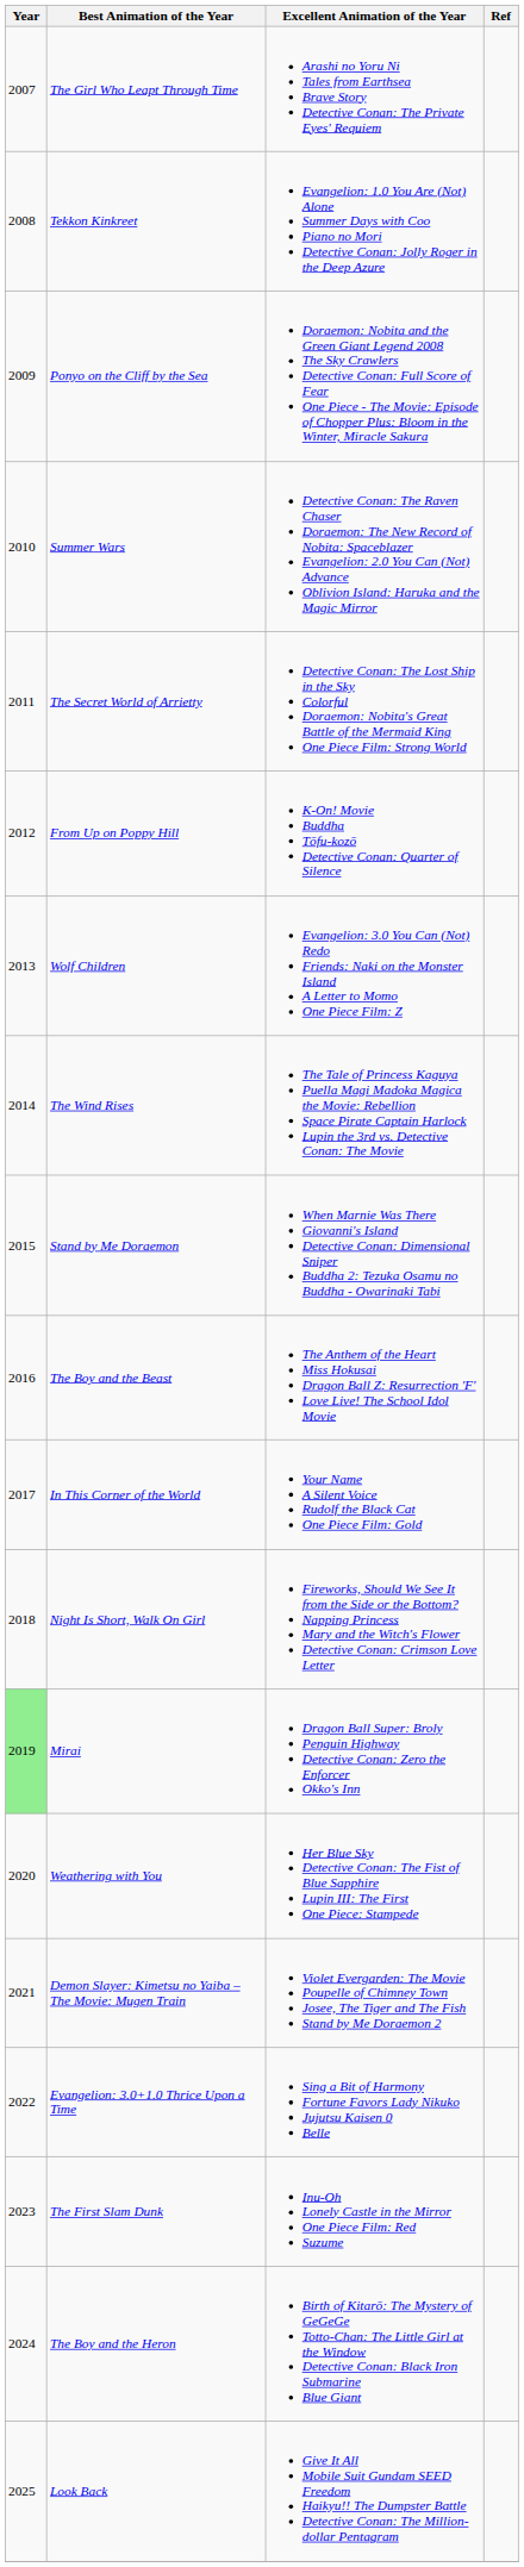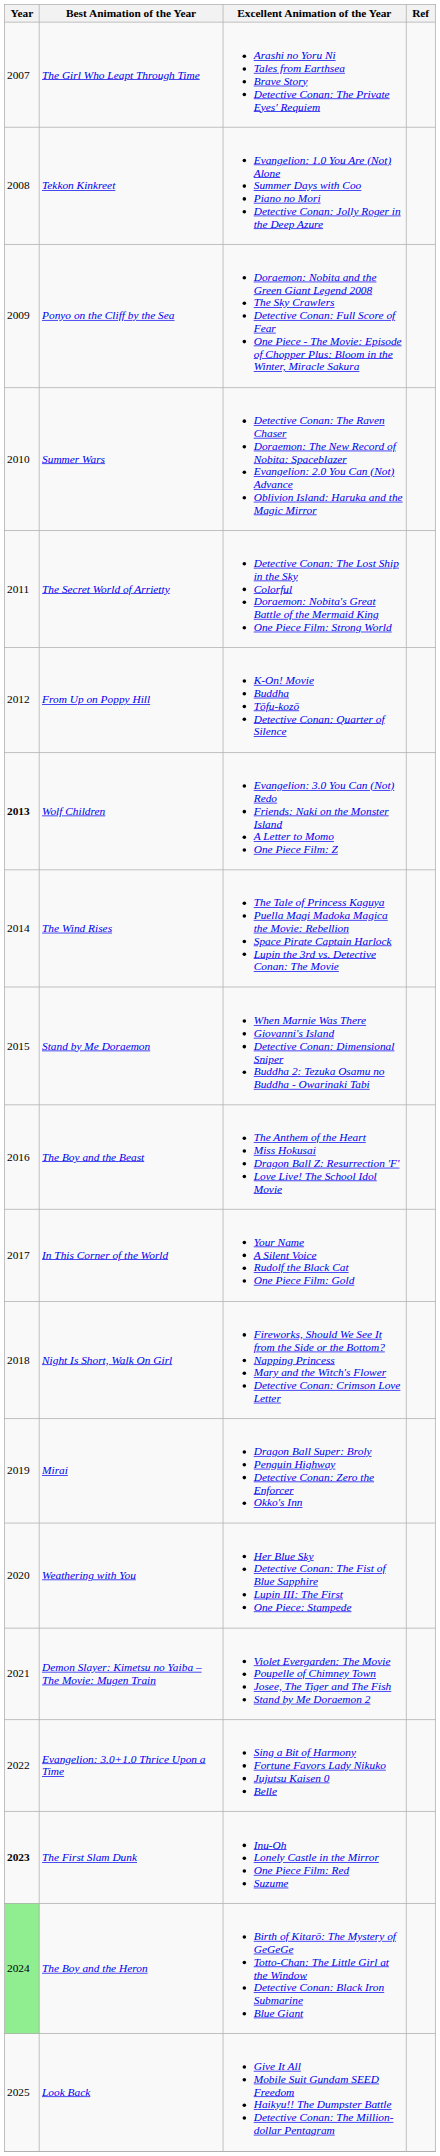 <table class="wikitable">
 <tr>
 <th width=5%>Year</th>
 <th width=32%>Best Animation of the Year</th>
 <th width=32%>Excellent Animation of the Year</th>
 <th width=5%>Ref</th>
 </tr>
 <tr>
 <td>2007</td>
 <td><em><a href='#'>The Girl Who Leapt Through Time</a></em></td>
 <td><br><ul><li><em><a href='#'>Arashi no Yoru Ni</a></em></li><li><em><a href='#'>Tales from Earthsea</a></em></li><li><em><a href='#'>Brave Story</a></em></li><li><em><a href='#'>Detective Conan: The Private Eyes' Requiem</a></em></li></ul></td>
 <td></td>
 </tr>
 <tr>
 <td>2008</td>
 <td><em><a href='#'>Tekkon Kinkreet</a></em></td>
 <td><br><ul><li><em><a href='#'>Evangelion: 1.0 You Are (Not) Alone</a></em></li><li><em><a href='#'>Summer Days with Coo</a></em></li><li><em><a href='#'>Piano no Mori</a></em></li><li><em><a href='#'>Detective Conan: Jolly Roger in the Deep Azure</a></em></li></ul></td>
 <td></td>
 </tr>
 <tr>
 <td>2009</td>
 <td><em><a href='#'>Ponyo on the Cliff by the Sea</a></em></td>
 <td><br><ul><li><em><a href='#'>Doraemon: Nobita and the Green Giant Legend 2008</a></em></li><li><em><a href='#'>The Sky Crawlers</a></em></li><li><em><a href='#'>Detective Conan: Full Score of Fear</a></em></li><li><em><a href='#'>One Piece - The Movie: Episode of Chopper Plus: Bloom in the Winter, Miracle Sakura</a></em></li></ul></td>
 <td></td>
 </tr>
 <tr>
 <td>2010</td>
 <td><em><a href='#'>Summer Wars</a></em></td>
 <td><br><ul><li><em><a href='#'>Detective Conan: The Raven Chaser</a></em></li><li><em><a href='#'>Doraemon: The New Record of Nobita: Spaceblazer</a></em></li><li><em><a href='#'>Evangelion: 2.0 You Can (Not) Advance</a></em></li><li><em><a href='#'>Oblivion Island: Haruka and the Magic Mirror</a></em></li></ul></td>
 <td></td>
 </tr>
 <tr>
 <td>2011</td>
 <td><em><a href='#'>The Secret World of Arrietty</a></em></td>
 <td><br><ul><li><em><a href='#'>Detective Conan: The Lost Ship in the Sky</a></em></li><li><em><a href='#'>Colorful</a></em></li><li><em><a href='#'>Doraemon: Nobita's Great Battle of the Mermaid King</a></em></li><li><em><a href='#'>One Piece Film: Strong World</a></em></li></ul></td>
 <td></td>
 </tr>
 <tr>
 <td>2012</td>
 <td><em><a href='#'>From Up on Poppy Hill</a></em></td>
 <td><br><ul><li><em><a href='#'>K-On! Movie</a></em></li><li><em><a href='#'>Buddha</a></em></li><li><em><a href='#'>Tōfu-kozō</a></em></li><li><em><a href='#'>Detective Conan: Quarter of Silence</a></em></li></ul></td>
 <td></td>
 </tr>
 <tr>
-<td>2013</td>
+<td><strong>2013</strong></td>
 <td><em><a href='#'>Wolf Children</a></em></td>
 <td><br><ul><li><em><a href='#'>Evangelion: 3.0 You Can (Not) Redo</a></em></li><li><em><a href='#'>Friends: Naki on the Monster Island</a></em></li><li><em><a href='#'>A Letter to Momo</a></em></li><li><em><a href='#'>One Piece Film: Z</a></em></li></ul></td>
 <td></td>
 </tr>
 <tr>
 <td>2014</td>
 <td><em><a href='#'>The Wind Rises</a></em></td>
 <td><br><ul><li><em><a href='#'>The Tale of Princess Kaguya</a></em></li><li><em><a href='#'>Puella Magi Madoka Magica the Movie: Rebellion</a></em></li><li><em><a href='#'>Space Pirate Captain Harlock</a></em></li><li><em><a href='#'>Lupin the 3rd vs. Detective Conan: The Movie</a></em></li></ul></td>
 <td></td>
 </tr>
 <tr>
 <td>2015</td>
 <td><em><a href='#'>Stand by Me Doraemon</a></em></td>
 <td><br><ul><li><em><a href='#'>When Marnie Was There</a></em></li><li><em><a href='#'>Giovanni's Island</a></em></li><li><em><a href='#'>Detective Conan: Dimensional Sniper</a></em></li><li><em><a href='#'>Buddha 2: Tezuka Osamu no Buddha - Owarinaki Tabi</a></em></li></ul></td>
 <td></td>
 </tr>
 <tr>
 <td>2016</td>
 <td><em><a href='#'>The Boy and the Beast</a></em></td>
 <td><br><ul><li><em><a href='#'>The Anthem of the Heart</a></em></li><li><em><a href='#'>Miss Hokusai</a></em></li><li><em><a href='#'>Dragon Ball Z: Resurrection 'F'</a></em></li><li><em><a href='#'>Love Live! The School Idol Movie</a></em></li></ul></td>
 <td></td>
 </tr>
 <tr>
 <td>2017</td>
 <td><em><a href='#'>In This Corner of the World</a></em></td>
 <td><br><ul><li><em><a href='#'>Your Name</a></em></li><li><em><a href='#'>A Silent Voice</a></em></li><li><em><a href='#'>Rudolf the Black Cat</a></em></li><li><em><a href='#'>One Piece Film: Gold</a></em></li></ul></td>
 <td></td>
 </tr>
 <tr>
 <td>2018</td>
 <td><em><a href='#'>Night Is Short, Walk On Girl</a></em></td>
 <td><br><ul><li><em><a href='#'>Fireworks, Should We See It from the Side or the Bottom?</a></em></li><li><em><a href='#'>Napping Princess</a></em></li><li><em><a href='#'>Mary and the Witch's Flower</a></em></li><li><em><a href='#'>Detective Conan: Crimson Love Letter</a></em></li></ul></td>
 <td></td>
 </tr>
 <tr>
-<td style="background: lightgreen;">2019</td>
+<td>2019</td>
 <td><em><a href='#'>Mirai</a></em></td>
 <td><br><ul><li><em><a href='#'>Dragon Ball Super: Broly</a></em></li><li><em><a href='#'>Penguin Highway</a></em></li><li><em><a href='#'>Detective Conan: Zero the Enforcer</a></em></li><li><em><a href='#'>Okko's Inn</a></em></li></ul></td>
 <td></td>
 </tr>
 <tr>
 <td>2020</td>
 <td><em><a href='#'>Weathering with You</a></em></td>
 <td><br><ul><li><em><a href='#'>Her Blue Sky</a></em></li><li><em><a href='#'>Detective Conan: The Fist of Blue Sapphire</a></em></li><li><em><a href='#'>Lupin III: The First</a></em></li><li><em><a href='#'>One Piece: Stampede</a></em></li></ul></td>
 <td></td>
 </tr>
 <tr>
 <td>2021</td>
 <td><em><a href='#'>Demon Slayer: Kimetsu no Yaiba – The Movie: Mugen Train</a></em></td>
 <td><br><ul><li><em><a href='#'>Violet Evergarden: The Movie</a></em></li><li><em><a href='#'>Poupelle of Chimney Town</a></em></li><li><em><a href='#'>Josee, The Tiger and The Fish</a></em></li><li><em><a href='#'>Stand by Me Doraemon 2</a></em></li></ul></td>
 <td></td>
 </tr>
 <tr>
 <td>2022</td>
 <td><em><a href='#'>Evangelion: 3.0+1.0 Thrice Upon a Time</a></em></td>
 <td><br><ul><li><em><a href='#'>Sing a Bit of Harmony</a></em></li><li><em><a href='#'>Fortune Favors Lady Nikuko</a></em></li><li><em><a href='#'>Jujutsu Kaisen 0</a></em></li><li><em><a href='#'>Belle</a></em></li></ul></td>
 <td></td>
 </tr>
 <tr>
-<td>2023</td>
+<td><strong>2023</strong></td>
 <td><em><a href='#'>The First Slam Dunk</a></em></td>
 <td><br><ul><li><em><a href='#'>Inu-Oh</a></em></li><li><em><a href='#'>Lonely Castle in the Mirror</a></em></li><li><em><a href='#'>One Piece Film: Red</a></em></li><li><em><a href='#'>Suzume</a></em></li></ul></td>
 <td></td>
 </tr>
 <tr>
-<td>2024</td>
+<td style="background: lightgreen;">2024</td>
 <td><em><a href='#'>The Boy and the Heron</a></em></td>
 <td><br><ul><li><em><a href='#'>Birth of Kitarō: The Mystery of GeGeGe</a></em></li><li><em><a href='#'>Totto-Chan: The Little Girl at the Window</a></em></li><li><em><a href='#'>Detective Conan: Black Iron Submarine</a></em></li><li><em><a href='#'>Blue Giant</a></em></li></ul></td>
 <td></td>
 </tr>
 <tr>
 <td>2025</td>
 <td><em><a href='#'>Look Back</a></em></td>
 <td><br><ul><li><em><a href='#'>Give It All</a></em></li><li><em><a href='#'>Mobile Suit Gundam SEED Freedom</a></em></li><li><em><a href='#'>Haikyu!! The Dumpster Battle</a></em></li><li><em><a href='#'>Detective Conan: The Million-dollar Pentagram</a></em></li></ul></td>
 <td></td>
 </tr>
 <tr>
 </tr>
 </table>
